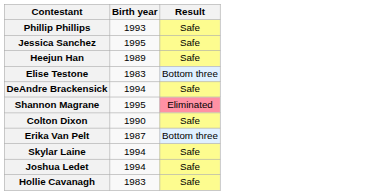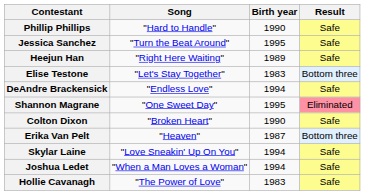 <table class="wikitable unsortable" style="text-align:center;">
 <tr>
 <th scope="col">Contestant</th>
+<th scope="col">Song</th>
 <th scope="col">Birth year</th>
 <th scope="col">Result</th>
 </tr>
 <tr>
 <th scope="row">Phillip Phillips</th>
-<td>1993</td>
+<td>"<a href='#'>Hard to Handle</a>"</td>
+<td>1990</td>
 <td style="background:#FDFC8F">Safe</td>
 </tr>
 <tr>
 <th scope="row">Jessica Sanchez</th>
+<td>"<a href='#'>Turn the Beat Around</a>"</td>
 <td>1995</td>
 <td style="background:#FDFC8F">Safe</td>
 </tr>
 <tr>
 <th scope="row">Heejun Han</th>
+<td>"<a href='#'>Right Here Waiting</a>"</td>
 <td>1989</td>
 <td style="background:#FDFC8F">Safe</td>
 </tr>
 <tr>
 <th scope="row">Elise Testone</th>
+<td>"<a href='#'>Let's Stay Together</a>"</td>
 <td>1983</td>
 <td bgcolor="E0F0FF">Bottom three</td>
 </tr>
 <tr>
 <th scope="row">DeAndre Brackensick</th>
+<td>"<a href='#'>Endless Love</a>"</td>
 <td>1994</td>
 <td style="background:#FDFC8F">Safe</td>
 </tr>
 <tr>
 <th scope="row">Shannon Magrane</th>
+<td>"<a href='#'>One Sweet Day</a>"</td>
 <td>1995</td>
 <td bgcolor="FF91A4">Eliminated</td>
 </tr>
 <tr>
 <th scope="row">Colton Dixon</th>
+<td>"<a href='#'>Broken Heart</a>"</td>
 <td>1990</td>
 <td style="background:#FDFC8F">Safe</td>
 </tr>
 <tr>
 <th scope="row">Erika Van Pelt</th>
+<td>"<a href='#'>Heaven</a>"</td>
 <td>1987</td>
 <td bgcolor="E0F0FF">Bottom three</td>
 </tr>
 <tr>
 <th scope="row">Skylar Laine</th>
+<td>"<a href='#'>Love Sneakin' Up On You</a>"</td>
 <td>1994</td>
 <td style="background:#FDFC8F">Safe</td>
 </tr>
 <tr>
 <th scope="row">Joshua Ledet</th>
+<td>"<a href='#'>When a Man Loves a Woman</a>"</td>
 <td>1994</td>
 <td style="background:#FDFC8F">Safe</td>
 </tr>
 <tr>
 <th scope="row">Hollie Cavanagh</th>
+<td>"<a href='#'>The Power of Love</a>"</td>
 <td>1983</td>
 <td style="background:#FDFC8F">Safe</td>
 </tr>
 </table>
